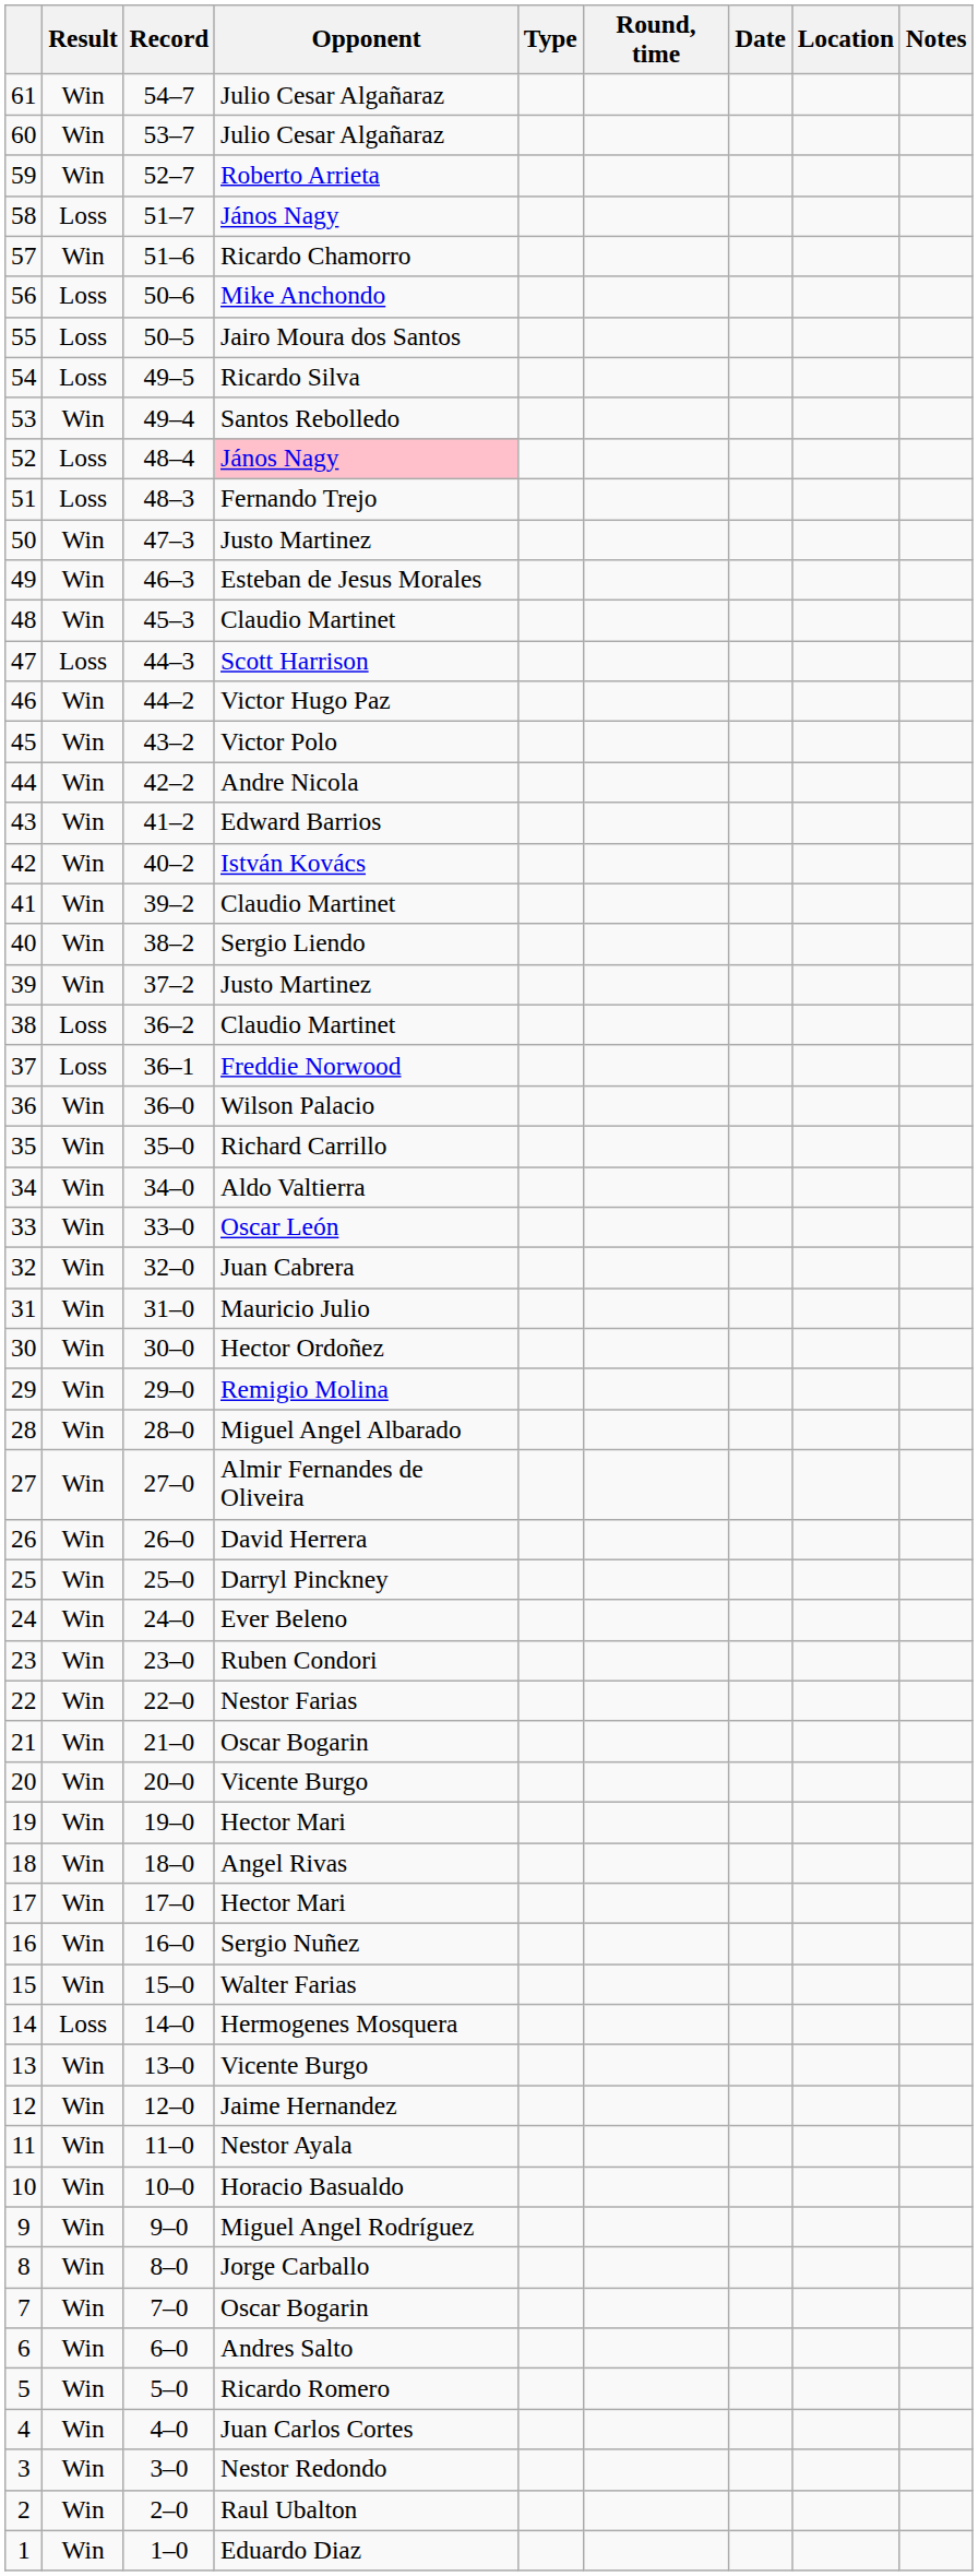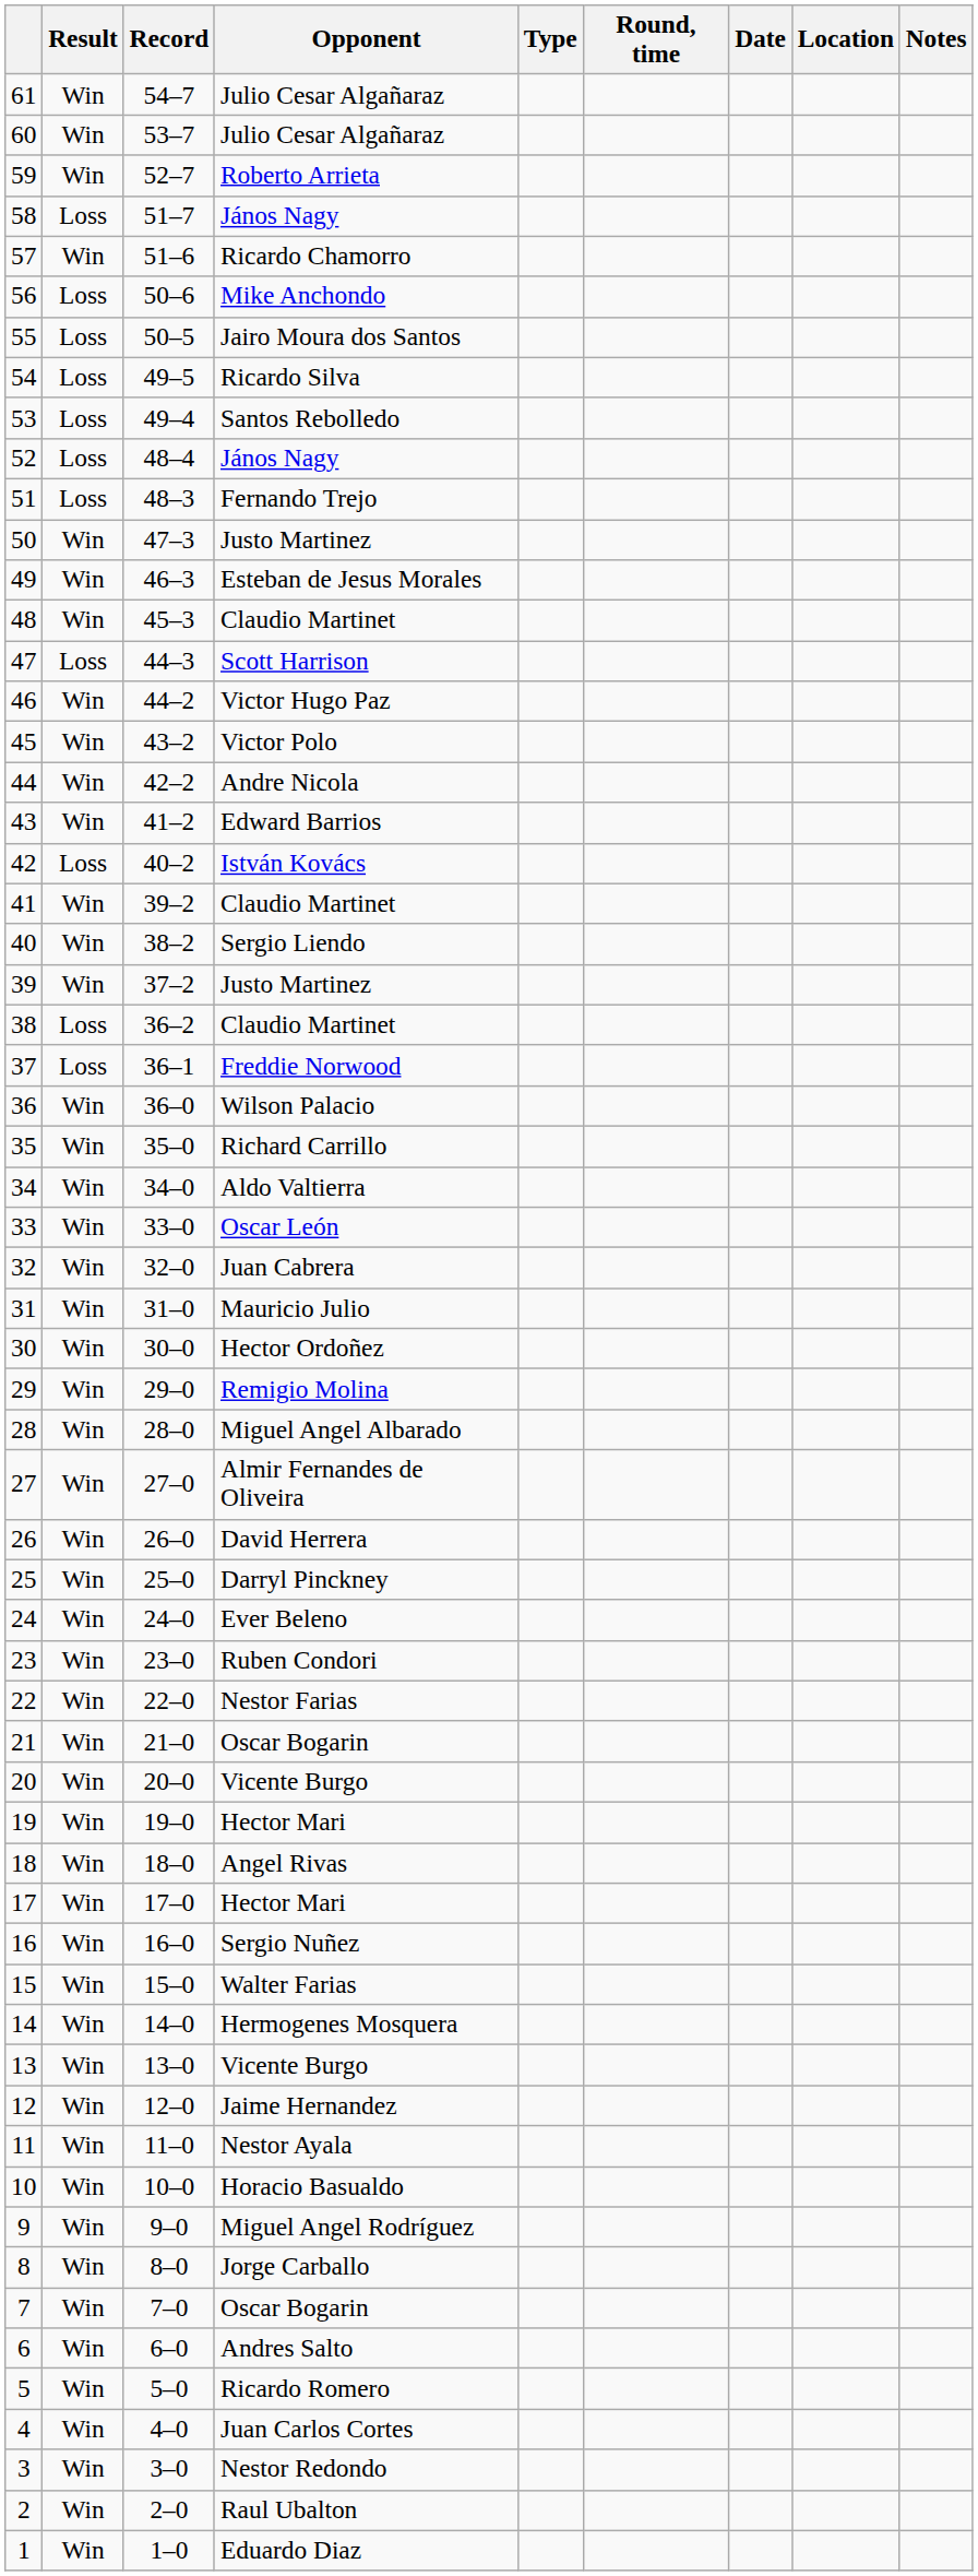 <table class="wikitable" style="text-align:center">
 <tr>
 <th></th>
 <th>Result</th>
 <th>Record</th>
 <th>Opponent</th>
 <th>Type</th>
 <th>Round, time</th>
 <th>Date</th>
 <th>Location</th>
 <th>Notes</th>
 </tr>
 <tr>
 <td>61</td>
 <td>Win</td>
 <td>54–7</td>
 <td align=left>Julio Cesar Algañaraz</td>
 <td></td>
 <td></td>
 <td></td>
 <td align=left></td>
 <td align=left></td>
 </tr>
 <tr>
 <td>60</td>
 <td>Win</td>
 <td>53–7</td>
 <td align=left>Julio Cesar Algañaraz</td>
 <td></td>
 <td></td>
 <td></td>
 <td align=left></td>
 <td align=left></td>
 </tr>
 <tr>
 <td>59</td>
 <td>Win</td>
 <td>52–7</td>
 <td align=left><a href='#'>Roberto Arrieta</a></td>
 <td></td>
 <td></td>
 <td></td>
 <td align=left></td>
 <td align=left></td>
 </tr>
 <tr>
 <td>58</td>
 <td>Loss</td>
 <td>51–7</td>
 <td align=left><a href='#'>János Nagy</a></td>
 <td></td>
 <td></td>
 <td></td>
 <td align=left></td>
 <td align=left></td>
 </tr>
 <tr>
 <td>57</td>
 <td>Win</td>
 <td>51–6</td>
 <td align=left>Ricardo Chamorro</td>
 <td></td>
 <td></td>
 <td></td>
 <td align=left></td>
 <td align=left></td>
 </tr>
 <tr>
 <td>56</td>
 <td>Loss</td>
 <td>50–6</td>
 <td align=left><a href='#'>Mike Anchondo</a></td>
 <td></td>
 <td></td>
 <td></td>
 <td align=left></td>
 <td align=left></td>
 </tr>
 <tr>
 <td>55</td>
 <td>Loss</td>
 <td>50–5</td>
 <td align=left>Jairo Moura dos Santos</td>
 <td></td>
 <td></td>
 <td></td>
 <td align=left></td>
 <td align=left></td>
 </tr>
 <tr>
 <td>54</td>
 <td>Loss</td>
 <td>49–5</td>
 <td align=left>Ricardo Silva</td>
 <td></td>
 <td></td>
 <td></td>
 <td align=left></td>
 <td align=left></td>
 </tr>
 <tr>
 <td>53</td>
-<td>Win</td>
+<td>Loss</td>
 <td>49–4</td>
 <td align=left>Santos Rebolledo</td>
 <td></td>
 <td></td>
 <td></td>
 <td align=left></td>
 <td align=left></td>
 </tr>
 <tr>
 <td>52</td>
 <td>Loss</td>
 <td>48–4</td>
-<td align=left style="background: pink;"><a href='#'>János Nagy</a></td>
+<td align=left><a href='#'>János Nagy</a></td>
 <td></td>
 <td></td>
 <td></td>
 <td align=left></td>
 <td align=left></td>
 </tr>
 <tr>
 <td>51</td>
 <td>Loss</td>
 <td>48–3</td>
 <td align=left>Fernando Trejo</td>
 <td></td>
 <td></td>
 <td></td>
 <td align=left></td>
 <td align=left></td>
 </tr>
 <tr>
 <td>50</td>
 <td>Win</td>
 <td>47–3</td>
 <td align=left>Justo Martinez</td>
 <td></td>
 <td></td>
 <td></td>
 <td align=left></td>
 <td align=left></td>
 </tr>
 <tr>
 <td>49</td>
 <td>Win</td>
 <td>46–3</td>
 <td align=left>Esteban de Jesus Morales</td>
 <td></td>
 <td></td>
 <td></td>
 <td align=left></td>
 <td align=left></td>
 </tr>
 <tr>
 <td>48</td>
 <td>Win</td>
 <td>45–3</td>
 <td align=left>Claudio Martinet</td>
 <td></td>
 <td></td>
 <td></td>
 <td align=left></td>
 <td align=left></td>
 </tr>
 <tr>
 <td>47</td>
 <td>Loss</td>
 <td>44–3</td>
 <td align=left><a href='#'>Scott Harrison</a></td>
 <td></td>
 <td></td>
 <td></td>
 <td align=left></td>
 <td align=left></td>
 </tr>
 <tr>
 <td>46</td>
 <td>Win</td>
 <td>44–2</td>
 <td align=left>Victor Hugo Paz</td>
 <td></td>
 <td></td>
 <td></td>
 <td align=left></td>
 <td align=left></td>
 </tr>
 <tr>
 <td>45</td>
 <td>Win</td>
 <td>43–2</td>
 <td align=left>Victor Polo</td>
 <td></td>
 <td></td>
 <td></td>
 <td align=left></td>
 <td align=left></td>
 </tr>
 <tr>
 <td>44</td>
 <td>Win</td>
 <td>42–2</td>
 <td align=left>Andre Nicola</td>
 <td></td>
 <td></td>
 <td></td>
 <td align=left></td>
 <td align=left></td>
 </tr>
 <tr>
 <td>43</td>
 <td>Win</td>
 <td>41–2</td>
 <td align=left>Edward Barrios</td>
 <td></td>
 <td></td>
 <td></td>
 <td align=left></td>
 <td align=left></td>
 </tr>
 <tr>
 <td>42</td>
-<td>Win</td>
+<td>Loss</td>
 <td>40–2</td>
 <td align=left><a href='#'>István Kovács</a></td>
 <td></td>
 <td></td>
 <td></td>
 <td align=left></td>
 <td align=left></td>
 </tr>
 <tr>
 <td>41</td>
 <td>Win</td>
 <td>39–2</td>
 <td align=left>Claudio Martinet</td>
 <td></td>
 <td></td>
 <td></td>
 <td align=left></td>
 <td align=left></td>
 </tr>
 <tr>
 <td>40</td>
 <td>Win</td>
 <td>38–2</td>
 <td align=left>Sergio Liendo</td>
 <td></td>
 <td></td>
 <td></td>
 <td align=left></td>
 <td align=left></td>
 </tr>
 <tr>
 <td>39</td>
 <td>Win</td>
 <td>37–2</td>
 <td align=left>Justo Martinez</td>
 <td></td>
 <td></td>
 <td></td>
 <td align=left></td>
 <td align=left></td>
 </tr>
 <tr>
 <td>38</td>
 <td>Loss</td>
 <td>36–2</td>
 <td align=left>Claudio Martinet</td>
 <td></td>
 <td></td>
 <td></td>
 <td align=left></td>
 <td align=left></td>
 </tr>
 <tr>
 <td>37</td>
 <td>Loss</td>
 <td>36–1</td>
 <td align=left><a href='#'>Freddie Norwood</a></td>
 <td></td>
 <td></td>
 <td></td>
 <td align=left></td>
 <td align=left></td>
 </tr>
 <tr>
 <td>36</td>
 <td>Win</td>
 <td>36–0</td>
 <td align=left>Wilson Palacio</td>
 <td></td>
 <td></td>
 <td></td>
 <td align=left></td>
 <td align=left></td>
 </tr>
 <tr>
 <td>35</td>
 <td>Win</td>
 <td>35–0</td>
 <td align=left>Richard Carrillo</td>
 <td></td>
 <td></td>
 <td></td>
 <td align=left></td>
 <td align=left></td>
 </tr>
 <tr>
 <td>34</td>
 <td>Win</td>
 <td>34–0</td>
 <td align=left>Aldo Valtierra</td>
 <td></td>
 <td></td>
 <td></td>
 <td align=left></td>
 <td align=left></td>
 </tr>
 <tr>
 <td>33</td>
 <td>Win</td>
 <td>33–0</td>
 <td align=left><a href='#'>Oscar León</a></td>
 <td></td>
 <td></td>
 <td></td>
 <td align=left></td>
 <td align=left></td>
 </tr>
 <tr>
 <td>32</td>
 <td>Win</td>
 <td>32–0</td>
 <td align=left>Juan Cabrera</td>
 <td></td>
 <td></td>
 <td></td>
 <td align=left></td>
 <td align=left></td>
 </tr>
 <tr>
 <td>31</td>
 <td>Win</td>
 <td>31–0</td>
 <td align=left>Mauricio Julio</td>
 <td></td>
 <td></td>
 <td></td>
 <td align=left></td>
 <td align=left></td>
 </tr>
 <tr>
 <td>30</td>
 <td>Win</td>
 <td>30–0</td>
 <td align=left>Hector Ordoñez</td>
 <td></td>
 <td></td>
 <td></td>
 <td align=left></td>
 <td align=left></td>
 </tr>
 <tr>
 <td>29</td>
 <td>Win</td>
 <td>29–0</td>
 <td align=left><a href='#'>Remigio Molina</a></td>
 <td></td>
 <td></td>
 <td></td>
 <td align=left></td>
 <td align=left></td>
 </tr>
 <tr>
 <td>28</td>
 <td>Win</td>
 <td>28–0</td>
 <td align=left>Miguel Angel Albarado</td>
 <td></td>
 <td></td>
 <td></td>
 <td align=left></td>
 <td align=left></td>
 </tr>
 <tr>
 <td>27</td>
 <td>Win</td>
 <td>27–0</td>
 <td align=left>Almir Fernandes de Oliveira</td>
 <td></td>
 <td></td>
 <td></td>
 <td align=left></td>
 <td align=left></td>
 </tr>
 <tr>
 <td>26</td>
 <td>Win</td>
 <td>26–0</td>
 <td align=left>David Herrera</td>
 <td></td>
 <td></td>
 <td></td>
 <td align=left></td>
 <td align=left></td>
 </tr>
 <tr>
 <td>25</td>
 <td>Win</td>
 <td>25–0</td>
 <td align=left>Darryl Pinckney</td>
 <td></td>
 <td></td>
 <td></td>
 <td align=left></td>
 <td align=left></td>
 </tr>
 <tr>
 <td>24</td>
 <td>Win</td>
 <td>24–0</td>
 <td align=left>Ever Beleno</td>
 <td></td>
 <td></td>
 <td></td>
 <td align=left></td>
 <td align=left></td>
 </tr>
 <tr>
 <td>23</td>
 <td>Win</td>
 <td>23–0</td>
 <td align=left>Ruben Condori</td>
 <td></td>
 <td></td>
 <td></td>
 <td align=left></td>
 <td align=left></td>
 </tr>
 <tr>
 <td>22</td>
 <td>Win</td>
 <td>22–0</td>
 <td align=left>Nestor Farias</td>
 <td></td>
 <td></td>
 <td></td>
 <td align=left></td>
 <td align=left></td>
 </tr>
 <tr>
 <td>21</td>
 <td>Win</td>
 <td>21–0</td>
 <td align=left>Oscar Bogarin</td>
 <td></td>
 <td></td>
 <td></td>
 <td align=left></td>
 <td align=left></td>
 </tr>
 <tr>
 <td>20</td>
 <td>Win</td>
 <td>20–0</td>
 <td align=left>Vicente Burgo</td>
 <td></td>
 <td></td>
 <td></td>
 <td align=left></td>
 <td align=left></td>
 </tr>
 <tr>
 <td>19</td>
 <td>Win</td>
 <td>19–0</td>
 <td align=left>Hector Mari</td>
 <td></td>
 <td></td>
 <td></td>
 <td align=left></td>
 <td align=left></td>
 </tr>
 <tr>
 <td>18</td>
 <td>Win</td>
 <td>18–0</td>
 <td align=left>Angel Rivas</td>
 <td></td>
 <td></td>
 <td></td>
 <td align=left></td>
 <td align=left></td>
 </tr>
 <tr>
 <td>17</td>
 <td>Win</td>
 <td>17–0</td>
 <td align=left>Hector Mari</td>
 <td></td>
 <td></td>
 <td></td>
 <td align=left></td>
 <td align=left></td>
 </tr>
 <tr>
 <td>16</td>
 <td>Win</td>
 <td>16–0</td>
 <td align=left>Sergio Nuñez</td>
 <td></td>
 <td></td>
 <td></td>
 <td align=left></td>
 <td align=left></td>
 </tr>
 <tr>
 <td>15</td>
 <td>Win</td>
 <td>15–0</td>
 <td align=left>Walter Farias</td>
 <td></td>
 <td></td>
 <td></td>
 <td align=left></td>
 <td align=left></td>
 </tr>
 <tr>
 <td>14</td>
-<td>Loss</td>
+<td>Win</td>
 <td>14–0</td>
 <td align=left>Hermogenes Mosquera</td>
 <td></td>
 <td></td>
 <td></td>
 <td align=left></td>
 <td align=left></td>
 </tr>
 <tr>
 <td>13</td>
 <td>Win</td>
 <td>13–0</td>
 <td align=left>Vicente Burgo</td>
 <td></td>
 <td></td>
 <td></td>
 <td align=left></td>
 <td align=left></td>
 </tr>
 <tr>
 <td>12</td>
 <td>Win</td>
 <td>12–0</td>
 <td align=left>Jaime Hernandez</td>
 <td></td>
 <td></td>
 <td></td>
 <td align=left></td>
 <td align=left></td>
 </tr>
 <tr>
 <td>11</td>
 <td>Win</td>
 <td>11–0</td>
 <td align=left>Nestor Ayala</td>
 <td></td>
 <td></td>
 <td></td>
 <td align=left></td>
 <td align=left></td>
 </tr>
 <tr>
 <td>10</td>
 <td>Win</td>
 <td>10–0</td>
 <td align=left>Horacio Basualdo</td>
 <td></td>
 <td></td>
 <td></td>
 <td align=left></td>
 <td align=left></td>
 </tr>
 <tr>
 <td>9</td>
 <td>Win</td>
 <td>9–0</td>
 <td align=left>Miguel Angel Rodríguez</td>
 <td></td>
 <td></td>
 <td></td>
 <td align=left></td>
 <td align=left></td>
 </tr>
 <tr>
 <td>8</td>
 <td>Win</td>
 <td>8–0</td>
 <td align=left>Jorge Carballo</td>
 <td></td>
 <td></td>
 <td></td>
 <td align=left></td>
 <td align=left></td>
 </tr>
 <tr>
 <td>7</td>
 <td>Win</td>
 <td>7–0</td>
 <td align=left>Oscar Bogarin</td>
 <td></td>
 <td></td>
 <td></td>
 <td align=left></td>
 <td align=left></td>
 </tr>
 <tr>
 <td>6</td>
 <td>Win</td>
 <td>6–0</td>
 <td align=left>Andres Salto</td>
 <td></td>
 <td></td>
 <td></td>
 <td align=left></td>
 <td align=left></td>
 </tr>
 <tr>
 <td>5</td>
 <td>Win</td>
 <td>5–0</td>
 <td align=left>Ricardo Romero</td>
 <td></td>
 <td></td>
 <td></td>
 <td align=left></td>
 <td align=left></td>
 </tr>
 <tr>
 <td>4</td>
 <td>Win</td>
 <td>4–0</td>
 <td align=left>Juan Carlos Cortes</td>
 <td></td>
 <td></td>
 <td></td>
 <td align=left></td>
 <td align=left></td>
 </tr>
 <tr>
 <td>3</td>
 <td>Win</td>
 <td>3–0</td>
 <td align=left>Nestor Redondo</td>
 <td></td>
 <td></td>
 <td></td>
 <td align=left></td>
 <td align=left></td>
 </tr>
 <tr>
 <td>2</td>
 <td>Win</td>
 <td>2–0</td>
 <td align=left>Raul Ubalton</td>
 <td></td>
 <td></td>
 <td></td>
 <td align=left></td>
 <td align=left></td>
 </tr>
 <tr>
 <td>1</td>
 <td>Win</td>
 <td>1–0</td>
 <td align=left>Eduardo Diaz</td>
 <td></td>
 <td></td>
 <td></td>
 <td align=left></td>
 <td align=left></td>
 </tr>
 </table>
